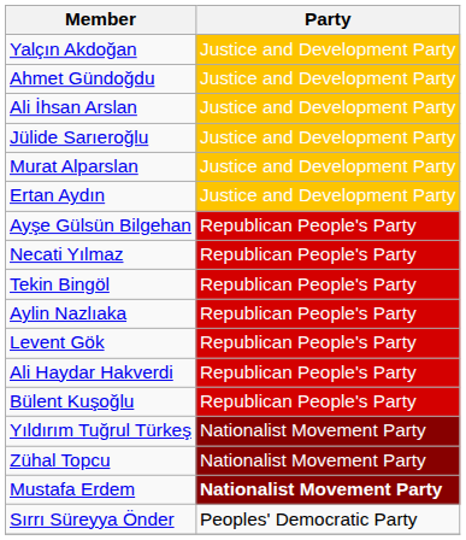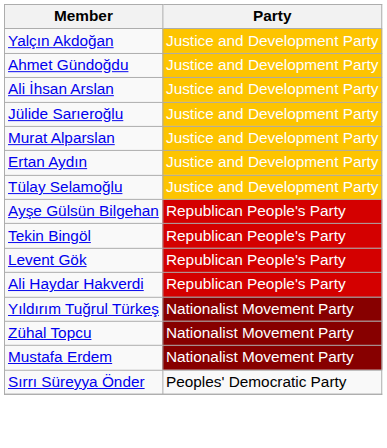 <table class="wikitable">
 <tr>
 <th>Member</th>
 <th>Party</th>
 </tr>
 <tr>
 <td><a href='#'>Yalçın Akdoğan</a></td>
 <td style="background:#FDC400; color:white">Justice and Development Party</td>
 </tr>
 <tr>
 <td><a href='#'>Ahmet Gündoğdu</a></td>
 <td style="background:#FDC400; color:white">Justice and Development Party</td>
 </tr>
 <tr>
 <td><a href='#'>Ali İhsan Arslan</a></td>
 <td style="background:#FDC400; color:white">Justice and Development Party</td>
 </tr>
 <tr>
 <td><a href='#'>Jülide Sarıeroğlu</a></td>
 <td style="background:#FDC400; color:white">Justice and Development Party</td>
 </tr>
 <tr>
 <td><a href='#'>Murat Alparslan</a></td>
 <td style="background:#FDC400; color:white">Justice and Development Party</td>
 </tr>
 <tr>
 <td><a href='#'>Ertan Aydın</a></td>
 <td style="background:#FDC400; color:white">Justice and Development Party</td>
 </tr>
 <tr>
+<td><a href='#'>Tülay Selamoğlu</a></td>
+<td style="background:#FDC400; color:white">Justice and Development Party</td>
+</tr>
+<tr>
 <td><a href='#'>Ayşe Gülsün Bilgehan</a></td>
 <td style="background:#D40000; color:white">Republican People's Party</td>
 </tr>
 <tr>
-<td><a href='#'>Necati Yılmaz</a></td>
-<td style="background:#D40000; color:white">Republican People's Party</td>
-</tr>
-<tr>
 <td><a href='#'>Tekin Bingöl</a></td>
-<td style="background:#D40000; color:white">Republican People's Party</td>
-</tr>
-<tr>
-<td><a href='#'>Aylin Nazlıaka</a></td>
 <td style="background:#D40000; color:white">Republican People's Party</td>
 </tr>
 <tr>
 <td><a href='#'>Levent Gök</a></td>
 <td style="background:#D40000; color:white">Republican People's Party</td>
 </tr>
 <tr>
 <td><a href='#'>Ali Haydar Hakverdi</a></td>
-<td style="background:#D40000; color:white">Republican People's Party</td>
-</tr>
-<tr>
-<td><a href='#'>Bülent Kuşoğlu</a></td>
 <td style="background:#D40000; color:white">Republican People's Party</td>
 </tr>
 <tr>
 <td><a href='#'>Yıldırım Tuğrul Türkeş</a></td>
 <td style="background:#870000; color:white">Nationalist Movement Party</td>
 </tr>
 <tr>
 <td><a href='#'>Zühal Topcu</a></td>
 <td style="background:#870000; color:white">Nationalist Movement Party</td>
 </tr>
 <tr>
 <td><a href='#'>Mustafa Erdem</a></td>
-<td style="background:#870000; color:white"><strong>Nationalist Movement Party</strong></td>
+<td style="background:#870000; color:white">Nationalist Movement Party</td>
 </tr>
 <tr>
 <td><a href='#'>Sırrı Süreyya Önder</a></td>
 <td style="background:">Peoples' Democratic Party</td>
 </tr>
 <tr>
 </tr>
 </table>
